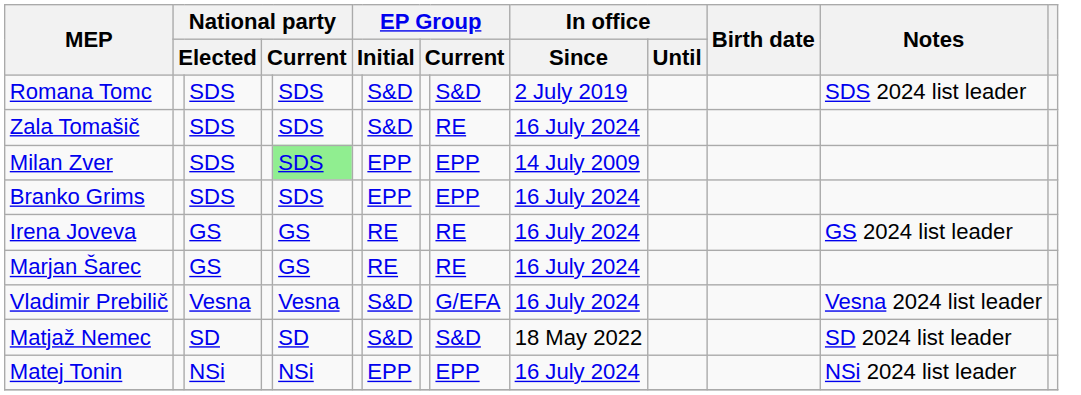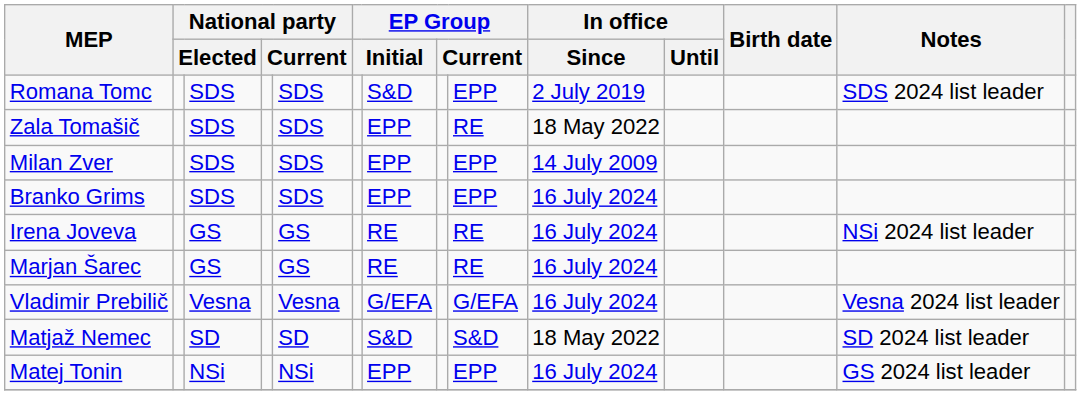 <table class="wikitable sortable" style="text-align:left">
 <tr>
 <th rowspan="2">MEP</th>
 <th colspan="4">National party</th>
 <th colspan="4"><a href='#'>EP Group</a></th>
 <th colspan="2">In office</th>
 <th rowspan="2">Birth date</th>
 <th rowspan="2">Notes</th>
 <th rowspan="2" class="unsortable"></th>
 </tr>
 <tr>
 <th colspan="2">Elected</th>
 <th colspan="2">Current</th>
 <th colspan="2">Initial</th>
 <th colspan="2">Current</th>
 <th>Since</th>
 <th>Until</th>
 </tr>
 <tr>
 <td><a href='#'>Romana Tomc</a></td>
 <td style="background: "></td>
 <td><a href='#'>SDS</a></td>
 <td style="background: "></td>
 <td><a href='#'>SDS</a></td>
 <td style="background: "></td>
 <td><a href='#'>S&D</a></td>
 <td style="background: "></td>
-<td><a href='#'>S&D</a></td>
+<td><a href='#'>EPP</a></td>
 <td><a href='#'>2 July 2019</a></td>
 <td></td>
 <td></td>
 <td><a href='#'>SDS</a> 2024 list leader</td>
 <td></td>
 </tr>
 <tr>
 <td><a href='#'>Zala Tomašič</a></td>
 <td style="background: "></td>
 <td><a href='#'>SDS</a></td>
 <td style="background: "></td>
 <td><a href='#'>SDS</a></td>
 <td style="background: "></td>
-<td><a href='#'>S&D</a></td>
+<td><a href='#'>EPP</a></td>
 <td style="background: "></td>
 <td><a href='#'>RE</a></td>
-<td><a href='#'>16 July 2024</a></td>
+<td>18 May 2022</td>
 <td></td>
 <td></td>
 <td></td>
 <td></td>
 </tr>
 <tr>
 <td><a href='#'>Milan Zver</a></td>
 <td style="background: "></td>
 <td><a href='#'>SDS</a></td>
 <td style="background: "></td>
-<td style="background: lightgreen;"><a href='#'>SDS</a></td>
+<td><a href='#'>SDS</a></td>
 <td style="background: "></td>
 <td><a href='#'>EPP</a></td>
 <td style="background: "></td>
 <td><a href='#'>EPP</a></td>
 <td><a href='#'>14 July 2009</a></td>
 <td></td>
 <td></td>
 <td></td>
 <td></td>
 </tr>
 <tr>
 <td><a href='#'>Branko Grims</a></td>
 <td style="background: "></td>
 <td><a href='#'>SDS</a></td>
 <td style="background: "></td>
 <td><a href='#'>SDS</a></td>
 <td style="background: "></td>
 <td><a href='#'>EPP</a></td>
 <td style="background: "></td>
 <td><a href='#'>EPP</a></td>
 <td><a href='#'>16 July 2024</a></td>
 <td></td>
 <td></td>
 <td></td>
 <td></td>
 </tr>
 <tr>
 <td><a href='#'>Irena Joveva</a></td>
 <td style="background: "></td>
 <td><a href='#'>GS</a></td>
 <td style="background: "></td>
 <td><a href='#'>GS</a></td>
 <td style="background: "></td>
 <td><a href='#'>RE</a></td>
 <td style="background: "></td>
 <td><a href='#'>RE</a></td>
 <td><a href='#'>16 July 2024</a></td>
 <td></td>
 <td></td>
-<td><a href='#'>GS</a> 2024 list leader</td>
+<td><a href='#'>NSi</a> 2024 list leader</td>
 <td></td>
 </tr>
 <tr>
 <td><a href='#'>Marjan Šarec</a></td>
 <td style="background: "></td>
 <td><a href='#'>GS</a></td>
 <td style="background: "></td>
 <td><a href='#'>GS</a></td>
 <td style="background: "></td>
 <td><a href='#'>RE</a></td>
 <td style="background: "></td>
 <td><a href='#'>RE</a></td>
 <td><a href='#'>16 July 2024</a></td>
 <td></td>
 <td></td>
 <td></td>
 <td></td>
 </tr>
 <tr>
 <td><a href='#'>Vladimir Prebilič</a></td>
 <td style="background: "></td>
 <td><a href='#'>Vesna</a></td>
 <td style="background: "></td>
 <td><a href='#'>Vesna</a></td>
 <td style="background: "></td>
-<td><a href='#'>S&D</a></td>
+<td><a href='#'>G/EFA</a></td>
 <td style="background: "></td>
 <td><a href='#'>G/EFA</a></td>
 <td><a href='#'>16 July 2024</a></td>
 <td></td>
 <td></td>
 <td><a href='#'>Vesna</a> 2024 list leader</td>
 <td></td>
 </tr>
 <tr>
 <td><a href='#'>Matjaž Nemec</a></td>
 <td style="background: "></td>
 <td><a href='#'>SD</a></td>
 <td style="background: "></td>
 <td><a href='#'>SD</a></td>
 <td style="background: "></td>
 <td><a href='#'>S&D</a></td>
 <td style="background: "></td>
 <td><a href='#'>S&D</a></td>
 <td>18 May 2022</td>
 <td></td>
 <td></td>
 <td><a href='#'>SD</a> 2024 list leader</td>
 <td></td>
 </tr>
 <tr>
 <td><a href='#'>Matej Tonin</a></td>
 <td style="background: "></td>
 <td><a href='#'>NSi</a></td>
 <td style="background: "></td>
 <td><a href='#'>NSi</a></td>
 <td style="background: "></td>
 <td><a href='#'>EPP</a></td>
 <td style="background: "></td>
 <td><a href='#'>EPP</a></td>
 <td><a href='#'>16 July 2024</a></td>
 <td></td>
 <td></td>
-<td><a href='#'>NSi</a> 2024 list leader</td>
+<td><a href='#'>GS</a> 2024 list leader</td>
 <td></td>
 </tr>
 <tr>
 </tr>
 </table>
